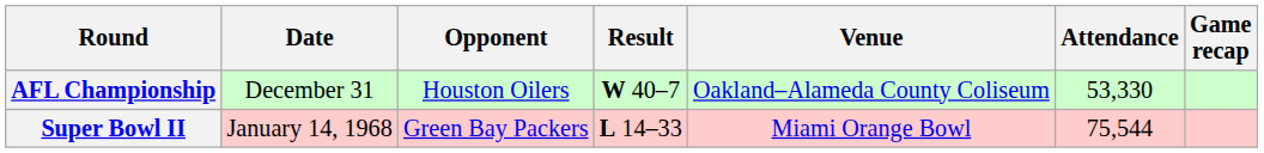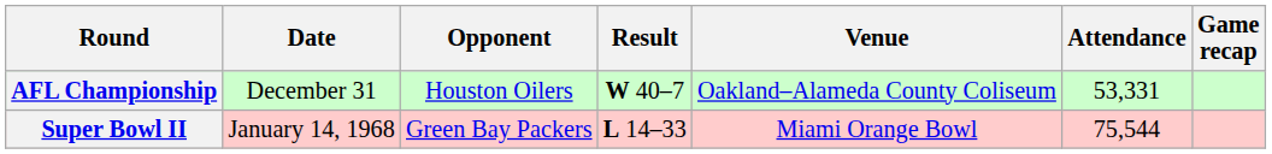 <table class="wikitable" style="text-align:center">
 <tr>
 <th>Round</th>
 <th>Date</th>
 <th>Opponent</th>
 <th>Result</th>
 <th>Venue</th>
 <th>Attendance</th>
 <th>Game<br>recap</th>
 </tr>
 <tr style="background: #cfc;">
 <th><a href='#'>AFL Championship</a></th>
 <td>December 31</td>
 <td><a href='#'>Houston Oilers</a></td>
 <td><strong>W</strong> 40–7</td>
 <td><a href='#'>Oakland–Alameda County Coliseum</a></td>
-<td>53,330</td>
+<td>53,331</td>
 <td></td>
 </tr>
 <tr style="background: #fcc;">
 <th><a href='#'>Super Bowl II</a></th>
 <td>January 14, 1968</td>
 <td><a href='#'>Green Bay Packers</a></td>
 <td><strong>L</strong> 14–33</td>
 <td><a href='#'>Miami Orange Bowl</a></td>
 <td>75,544</td>
 <td></td>
 </tr>
 </table>
